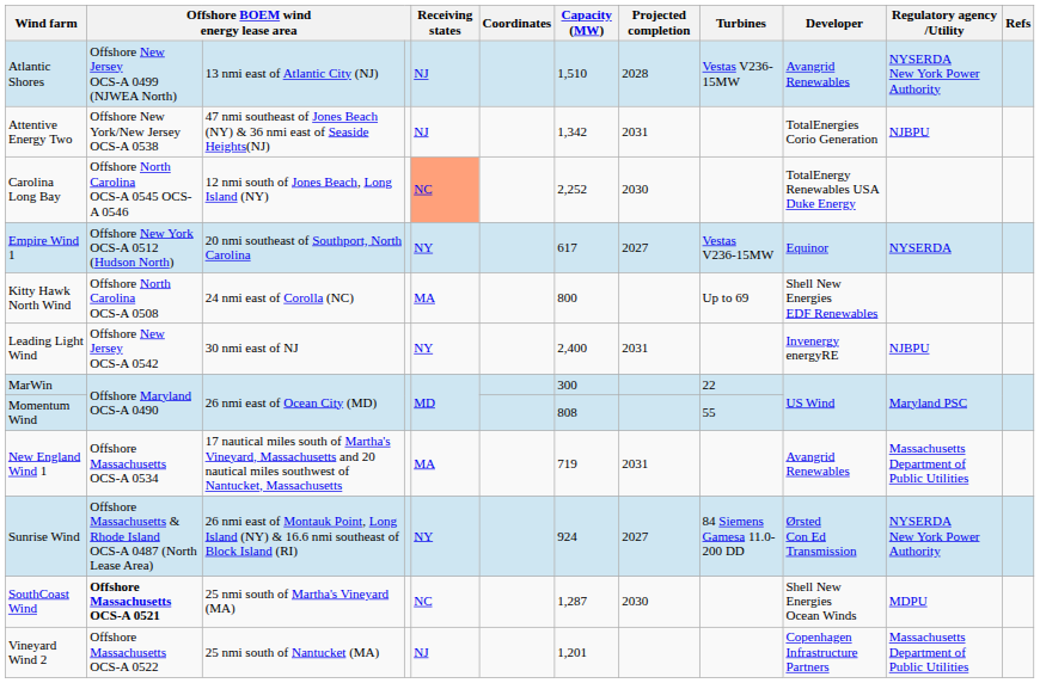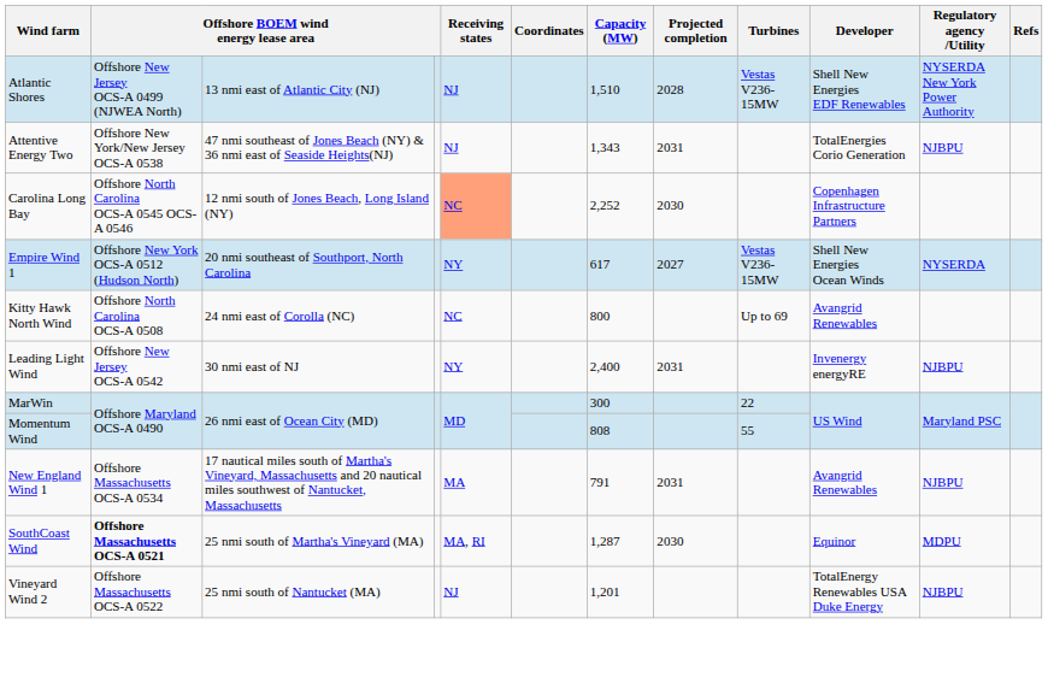 <table class="wikitable sortable">
 <tr>
 <th>Wind farm</th>
 <th colspan="3">Offshore <a href='#'>BOEM</a> wind<br>energy lease area</th>
 <th>Receiving states</th>
 <th class="unsortable">Coordinates</th>
 <th><a href='#'>Capacity</a> (<a href='#'>MW</a>)</th>
 <th>Projected completion</th>
 <th>Turbines</th>
 <th>Developer</th>
 <th>Regulatory agency<br>/Utility</th>
 <th>Refs</th>
 </tr>
 <tr style="background:#CEE6F2">
 <td>Atlantic Shores</td>
 <td>Offshore <a href='#'>New Jersey</a><br>OCS-A 0499<br>(NJWEA North)</td>
 <td>13 nmi east of <a href='#'>Atlantic City</a> (NJ)</td>
 <td></td>
 <td><a href='#'>NJ</a></td>
 <td></td>
 <td>1,510</td>
 <td>2028</td>
 <td><a href='#'>Vestas</a> V236-15MW</td>
-<td><a href='#'>Avangrid Renewables</a></td>
+<td>Shell New Energies<br><a href='#'>EDF Renewables</a></td>
 <td><a href='#'>NYSERDA</a><br><a href='#'>New York Power Authority</a></td>
 <td></td>
 </tr>
 <tr background>
 <td>Attentive Energy Two</td>
 <td>Offshore New York/New Jersey<br>OCS-A 0538</td>
 <td>47 nmi southeast of <a href='#'>Jones Beach</a> (NY) & 36 nmi east of <a href='#'>Seaside Heights</a>(NJ)</td>
 <td></td>
 <td><a href='#'>NJ</a></td>
 <td></td>
-<td>1,342</td>
+<td>1,343</td>
 <td>2031</td>
 <td></td>
 <td>TotalEnergies<br>Corio Generation</td>
 <td><a href='#'>NJBPU</a></td>
 <td></td>
 </tr>
 <tr>
 <td>Carolina Long Bay</td>
 <td>Offshore <a href='#'>North Carolina</a><br>OCS-A 0545 OCS-A 0546</td>
 <td>12 nmi south of <a href='#'>Jones Beach</a>, <a href='#'>Long Island</a> (NY)</td>
 <td></td>
 <td style="background: lightsalmon;"><a href='#'>NC</a></td>
 <td></td>
 <td>2,252</td>
 <td>2030</td>
 <td></td>
-<td>TotalEnergy Renewables USA<br><a href='#'>Duke Energy</a></td>
+<td><a href='#'>Copenhagen Infrastructure Partners</a></td>
 <td></td>
 <td></td>
 </tr>
 <tr style="background:#CEE6F2">
 <td><a href='#'>Empire Wind</a> 1</td>
 <td>Offshore <a href='#'>New York</a><br>OCS-A 0512<br>(<a href='#'>Hudson North</a>)</td>
 <td>20 nmi southeast of <a href='#'>Southport, North Carolina</a></td>
 <td></td>
 <td><a href='#'>NY</a></td>
 <td></td>
 <td>617</td>
 <td>2027</td>
 <td><a href='#'>Vestas</a><br>V236-15MW</td>
-<td><a href='#'>Equinor</a><br></td>
+<td>Shell New Energies<br>Ocean Winds</td>
 <td><a href='#'>NYSERDA</a></td>
 <td></td>
 </tr>
 <tr>
 <td>Kitty Hawk North Wind</td>
 <td>Offshore <a href='#'>North Carolina</a><br>OCS-A 0508</td>
 <td>24 nmi east of <a href='#'>Corolla</a> (NC)</td>
 <td></td>
-<td><a href='#'>MA</a></td>
+<td><a href='#'>NC</a></td>
 <td></td>
 <td>800</td>
 <td></td>
 <td>Up to 69</td>
-<td>Shell New Energies<br><a href='#'>EDF Renewables</a></td>
+<td><a href='#'>Avangrid Renewables</a></td>
 <td></td>
 <td></td>
 </tr>
 <tr>
 <td>Leading Light Wind</td>
 <td>Offshore <a href='#'>New Jersey</a><br>OCS-A 0542</td>
 <td>30 nmi east of NJ</td>
 <td></td>
 <td><a href='#'>NY</a></td>
 <td></td>
 <td>2,400</td>
 <td>2031</td>
 <td></td>
 <td><a href='#'>Invenergy</a><br>energyRE</td>
 <td><a href='#'>NJBPU</a></td>
 <td></td>
 </tr>
 <tr style="background:#CEE6F2">
 <td>MarWin</td>
 <td rowspan="2">Offshore <a href='#'>Maryland</a><br>OCS-A 0490</td>
 <td rowspan="2">26 nmi east of <a href='#'>Ocean City</a> (MD)</td>
 <td rowspan="2"></td>
 <td rowspan="2"><a href='#'>MD</a></td>
 <td></td>
 <td>300</td>
 <td></td>
 <td>22</td>
 <td rowspan="2"><a href='#'>US Wind</a></td>
 <td rowspan="2"><a href='#'>Maryland PSC</a></td>
 <td rowspan="2"></td>
 </tr>
 <tr style="background:#CEE6F2">
 <td>Momentum Wind</td>
 <td></td>
 <td>808</td>
 <td></td>
 <td>55</td>
 </tr>
 <tr>
 <td><a href='#'>New England Wind</a> 1</td>
 <td>Offshore <a href='#'>Massachusetts</a><br>OCS-A 0534 </td>
 <td>17 nautical miles south of <a href='#'>Martha's Vineyard, Massachusetts</a> and 20 nautical miles southwest of <a href='#'>Nantucket, Massachusetts</a></td>
 <td></td>
 <td><a href='#'>MA</a></td>
 <td></td>
-<td>719</td>
+<td>791</td>
 <td>2031</td>
 <td></td>
 <td><a href='#'>Avangrid Renewables</a></td>
-<td><a href='#'>Massachusetts Department of Public Utilities</a></td>
-<td></td>
-</tr>
-<tr style="background:#CEE6F2">
-<td>Sunrise Wind</td>
-<td>Offshore <a href='#'>Massachusetts</a> & <a href='#'>Rhode Island</a><br>OCS-A 0487 (North Lease Area)</td>
-<td>26 nmi east of <a href='#'>Montauk Point</a>, <a href='#'>Long Island</a> (NY) & 16.6 nmi southeast of <a href='#'>Block Island</a> (RI)</td>
-<td></td>
-<td><a href='#'>NY</a></td>
-<td></td>
-<td>924</td>
-<td>2027</td>
-<td>84 <a href='#'>Siemens Gamesa</a> 11.0-200 DD</td>
-<td><a href='#'>Ørsted</a><br><a href='#'>Con Ed Transmission</a></td>
-<td><a href='#'>NYSERDA</a><br><a href='#'>New York Power Authority</a></td>
+<td><a href='#'>NJBPU</a></td>
 <td></td>
 </tr>
 <tr>
 <td><a href='#'>SouthCoast Wind</a></td>
 <td><strong>Offshore <a href='#'>Massachusetts</a><br>OCS-A 0521</strong></td>
 <td>25 nmi south of <a href='#'>Martha's Vineyard</a> (MA)</td>
 <td></td>
-<td><a href='#'>NC</a></td>
+<td><a href='#'>MA</a>, <a href='#'>RI</a></td>
 <td></td>
 <td>1,287</td>
 <td>2030</td>
 <td></td>
-<td>Shell New Energies<br>Ocean Winds</td>
+<td><a href='#'>Equinor</a><br></td>
 <td><a href='#'>MDPU</a></td>
 <td></td>
 </tr>
 <tr>
 <td>Vineyard Wind 2</td>
 <td>Offshore <a href='#'>Massachusetts</a><br>OCS-A 0522</td>
 <td>25 nmi south of <a href='#'>Nantucket</a> (MA)</td>
 <td></td>
 <td><a href='#'>NJ</a></td>
 <td></td>
 <td>1,201</td>
 <td></td>
 <td></td>
-<td><a href='#'>Copenhagen Infrastructure Partners</a></td>
-<td><a href='#'>Massachusetts Department of Public Utilities</a></td>
+<td>TotalEnergy Renewables USA<br><a href='#'>Duke Energy</a></td>
+<td><a href='#'>NJBPU</a></td>
 <td></td>
 </tr>
 </table>
